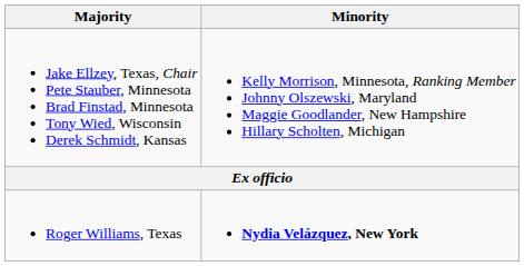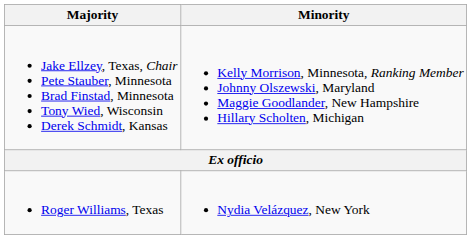 <table class=wikitable>
 <tr>
 <th>Majority</th>
 <th>Minority</th>
 </tr>
 <tr>
 <td><br><ul><li><a href='#'>Jake Ellzey</a>, Texas, <em>Chair</em></li><li><a href='#'>Pete Stauber</a>, Minnesota</li><li><a href='#'>Brad Finstad</a>, Minnesota</li><li><a href='#'>Tony Wied</a>, Wisconsin</li><li><a href='#'>Derek Schmidt</a>, Kansas</li></ul></td>
 <td><br><ul><li><a href='#'>Kelly Morrison</a>, Minnesota, <em>Ranking Member</em></li><li><a href='#'>Johnny Olszewski</a>, Maryland</li><li><a href='#'>Maggie Goodlander</a>, New Hampshire</li><li><a href='#'>Hillary Scholten</a>, Michigan</li></ul></td>
 </tr>
 <tr>
 <th colspan=2><em>Ex officio</em></th>
 </tr>
 <tr>
 <td><br><ul><li><a href='#'>Roger Williams</a>, Texas</li></ul></td>
-<td><strong><br><ul><li><a href='#'>Nydia Velázquez</a>, New York</li></ul></strong></td>
+<td><br><ul><li><a href='#'>Nydia Velázquez</a>, New York</li></ul></td>
 </tr>
 </table>
